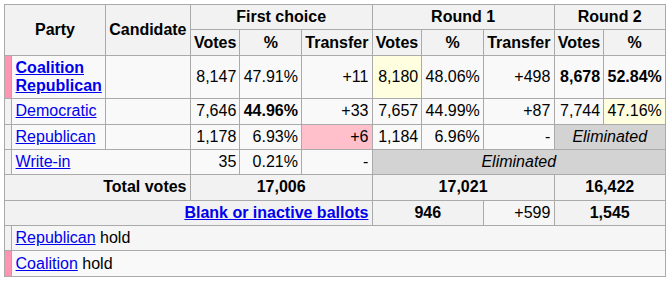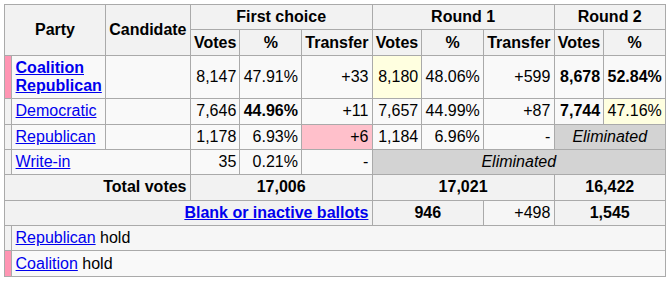 <table class="wikitable sortable" style="text-align:right">
 <tr>
 <th colspan=2 rowspan=2>Party</th>
 <th rowspan=2>Candidate</th>
 <th colspan=3>First choice</th>
 <th colspan=3>Round 1</th>
 <th colspan=3>Round 2</th>
 </tr>
 <tr>
 <th>Votes</th>
 <th>%</th>
 <th>Transfer</th>
 <th>Votes</th>
 <th>%</th>
 <th>Transfer</th>
 <th>Votes</th>
 <th>%</th>
 </tr>
 <tr>
 <th style="background-color:#ff95b3ff"></th>
 <td style="text-align:left"><strong><a href='#'>Coalition Republican</a></strong></td>
 <td style="text-align:left" scope="row"><strong></strong></td>
 <td>8,147</td>
 <td>47.91%</td>
-<td>+11</td>
+<td>+33</td>
 <td style="background: lightyellow;">8,180</td>
 <td>48.06%</td>
-<td>+498</td>
+<td>+599</td>
 <td><strong>8,678</strong></td>
 <td><strong>52.84%</strong></td>
 </tr>
 <tr>
 <th style="background-color:"></th>
 <td style="text-align:left"><a href='#'>Democratic</a></td>
 <td style="text-align:left" scope="row"></td>
 <td>7,646</td>
 <td><strong>44.96%</strong></td>
-<td>+33</td>
+<td>+11</td>
 <td>7,657</td>
 <td>44.99%</td>
 <td>+87</td>
-<td>7,744</td>
+<td><strong>7,744</strong></td>
 <td style="background: lightyellow;">47.16%</td>
 </tr>
 <tr>
 <th style="background-color:"></th>
 <td style="text-align:left"><a href='#'>Republican</a></td>
 <td style="text-align:left" scope="row"></td>
 <td>1,178</td>
 <td>6.93%</td>
 <td style="background: pink;">+6</td>
 <td>1,184</td>
 <td>6.96%</td>
 <td>-</td>
 <td colspan="2"  style="background:lightgrey; text-align:center;"><em>Eliminated</em></td>
 </tr>
 <tr>
 <th style="background-color:"></th>
 <td style="text-align:left" colspan=2><a href='#'>Write-in</a></td>
 <td>35</td>
 <td>0.21%</td>
 <td>-</td>
 <td colspan="5"  style="background:lightgrey; text-align:center;"><em>Eliminated</em></td>
 </tr>
 <tr class="sortbottom" style="background-color:#F6F6F6">
 <th colspan=3 scope="row" style="text-align:right;"><strong>Total votes</strong></th>
 <th colspan=3><strong>17,006</strong></th>
 <th colspan=3><strong>17,021</strong></th>
 <th colspan=3><strong>16,422</strong></th>
 </tr>
 <tr class="sortbottom">
 </tr>
 <tr class="sortbottom" style="background-color:#F6F6F6">
 <th colspan=6 scope="row" style="text-align:right;"><a href='#'>Blank or inactive ballots</a></th>
 <th colspan=2>946</th>
-<td>+599</td>
+<td>+498</td>
 <th colspan=2>1,545</th>
 </tr>
 <tr class="sortbottom" style="background:#f6f6f6;">
 <th style="background-color:"></th>
 <td colspan="13" style="text-align:left"><a href='#'>Republican</a> hold</td>
 </tr>
 <tr>
 <th style="background-color:#ff95b3ff"></th>
 <td colspan="13" style="text-align:left"><a href='#'>Coalition</a> hold</td>
 </tr>
 </table>
